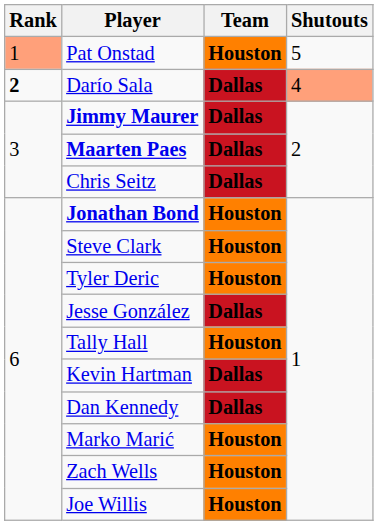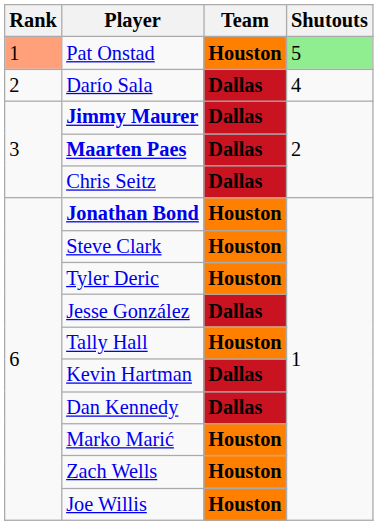 <table class="wikitable" style="text-align:left;">
 <tr>
 <th>Rank</th>
 <th>Player</th>
 <th>Team</th>
 <th>Shutouts</th>
 </tr>
 <tr>
 <td style="background: lightsalmon;">1</td>
 <td> <a href='#'>Pat Onstad</a></td>
 <td bgcolor=#FF8000><span><strong>Houston</strong></span></td>
-<td>5</td>
+<td style="background: lightgreen;">5</td>
 </tr>
 <tr>
-<td><strong>2</strong></td>
+<td>2</td>
 <td> <a href='#'>Darío Sala</a></td>
 <td bgcolor=#C91320><span><strong>Dallas</strong></span></td>
-<td style="background: lightsalmon;">4</td>
+<td>4</td>
 </tr>
 <tr>
 <td rowspan="3">3</td>
 <td> <strong><a href='#'>Jimmy Maurer</a></strong></td>
 <td bgcolor=#C91320><span><strong>Dallas</strong></span></td>
 <td rowspan="3">2</td>
 </tr>
 <tr>
 <td> <strong><a href='#'>Maarten Paes</a></strong></td>
 <td bgcolor=#C91320><span><strong>Dallas</strong></span></td>
 </tr>
 <tr>
 <td> <a href='#'>Chris Seitz</a></td>
 <td bgcolor=#C91320><span><strong>Dallas</strong></span></td>
 </tr>
 <tr>
 <td rowspan="10">6</td>
 <td> <strong><a href='#'>Jonathan Bond</a></strong></td>
 <td bgcolor=#FF8000><span><strong>Houston</strong></span></td>
 <td rowspan="10">1</td>
 </tr>
 <tr>
 <td> <a href='#'>Steve Clark</a></td>
 <td bgcolor=#FF8000><span><strong>Houston</strong></span></td>
 </tr>
 <tr>
 <td> <a href='#'>Tyler Deric</a></td>
 <td bgcolor=#FF8000><span><strong>Houston</strong></span></td>
 </tr>
 <tr>
 <td> <a href='#'>Jesse González</a></td>
 <td bgcolor=#C91320><span><strong>Dallas</strong></span></td>
 </tr>
 <tr>
 <td> <a href='#'>Tally Hall</a></td>
 <td bgcolor=#FF8000><span><strong>Houston</strong></span></td>
 </tr>
 <tr>
 <td> <a href='#'>Kevin Hartman</a></td>
 <td bgcolor=#C91320><span><strong>Dallas</strong></span></td>
 </tr>
 <tr>
 <td> <a href='#'>Dan Kennedy</a></td>
 <td bgcolor=#C91320><span><strong>Dallas</strong></span></td>
 </tr>
 <tr>
 <td> <a href='#'>Marko Marić</a></td>
 <td bgcolor=#FF8000><span><strong>Houston</strong></span></td>
 </tr>
 <tr>
 <td> <a href='#'>Zach Wells</a></td>
 <td bgcolor=#FF8000><span><strong>Houston</strong></span></td>
 </tr>
 <tr>
 <td> <a href='#'>Joe Willis</a></td>
 <td bgcolor=#FF8000><span><strong>Houston</strong></span></td>
 </tr>
 </table>
